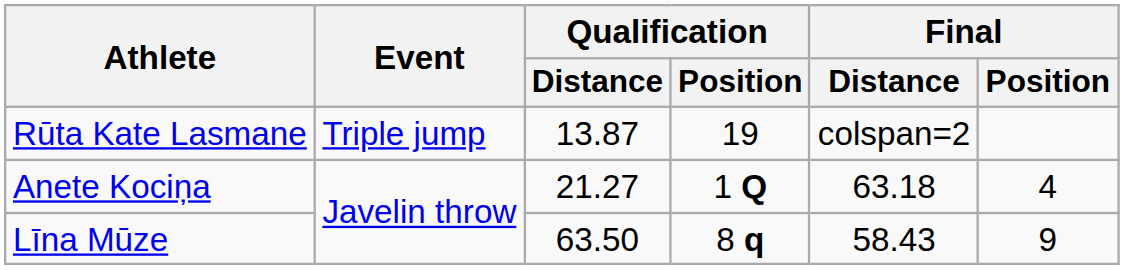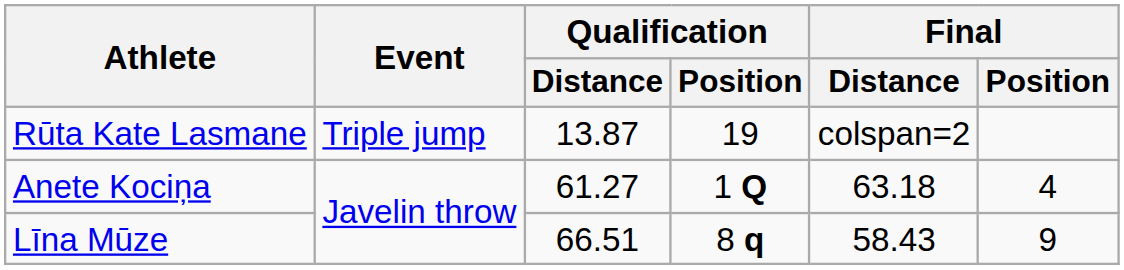 <table class=wikitable style=font-size:90%>
 <tr>
 <th rowspan=2>Athlete</th>
 <th rowspan=2>Event</th>
 <th colspan=2>Qualification</th>
 <th colspan=2>Final</th>
 </tr>
 <tr style=font-size:95%>
 <th>Distance</th>
 <th>Position</th>
 <th>Distance</th>
 <th>Position</th>
 </tr>
 <tr align=center>
 <td align=left><a href='#'>Rūta Kate Lasmane</a></td>
 <td align=left><a href='#'>Triple jump</a></td>
 <td>13.87</td>
 <td>19</td>
 <td>colspan=2 </td>
 </tr>
 <tr align=center>
 <td align=left><a href='#'>Anete Kociņa</a></td>
 <td align=left rowspan=2><a href='#'>Javelin throw</a></td>
-<td>21.27</td>
+<td>61.27</td>
 <td>1 <strong>Q</strong></td>
 <td>63.18 </td>
 <td>4</td>
 </tr>
 <tr align=center>
 <td align=left><a href='#'>Līna Mūze</a></td>
-<td>63.50</td>
+<td>66.51</td>
 <td>8 <strong>q</strong></td>
 <td>58.43</td>
 <td>9</td>
 </tr>
 </table>
